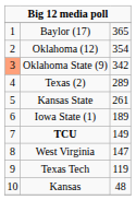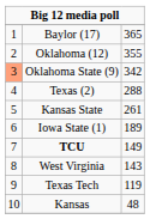 <table class="wikitable" style="display: inline-table;">
 <tr>
 <td align="center" Colspan="3"><strong>Big 12 media poll</strong></td>
 </tr>
 <tr align="center">
 </tr>
 <tr align="center">
 <td>1</td>
 <td>Baylor (17)</td>
 <td>365</td>
 </tr>
 <tr align="center">
 <td>2</td>
 <td>Oklahoma (12)</td>
-<td>354</td>
+<td>355</td>
 </tr>
 <tr align="center">
 <td style="background: lightsalmon;">3</td>
 <td>Oklahoma State (9)</td>
 <td>342</td>
 </tr>
 <tr align="center">
 <td>4</td>
 <td>Texas (2)</td>
-<td>289</td>
+<td>288</td>
 </tr>
 <tr align="center">
 <td>5</td>
 <td>Kansas State</td>
 <td>261</td>
 </tr>
 <tr align="center">
 <td>6</td>
 <td>Iowa State (1)</td>
 <td>189</td>
 </tr>
 <tr align="center">
 <td>7</td>
 <td><strong>TCU</strong></td>
 <td>149</td>
 </tr>
 <tr align="center">
 <td>8</td>
 <td>West Virginia</td>
-<td>147</td>
+<td>143</td>
 </tr>
 <tr align="center">
 <td>9</td>
 <td>Texas Tech</td>
 <td>119</td>
 </tr>
 <tr align="center">
 <td>10</td>
 <td>Kansas</td>
 <td>48</td>
 </tr>
 <tr>
 </tr>
 </table>
